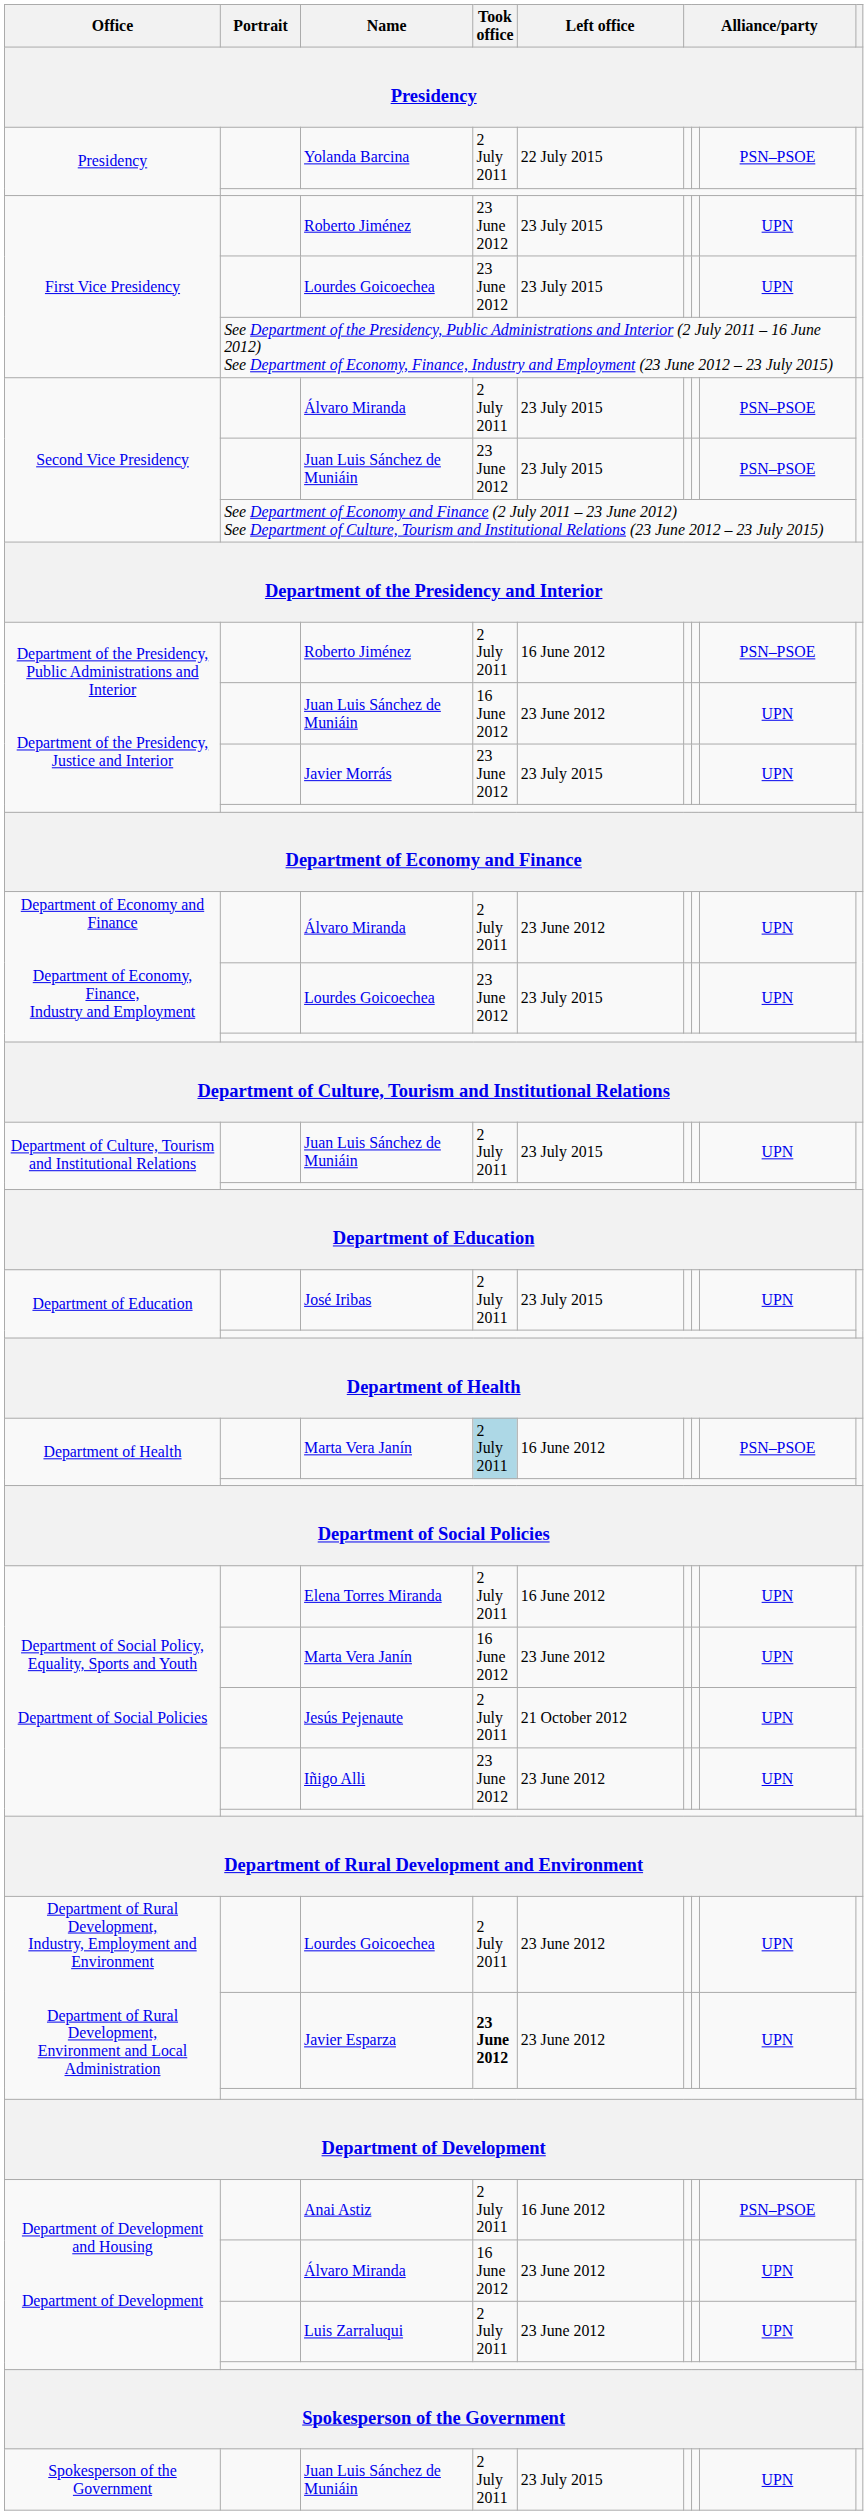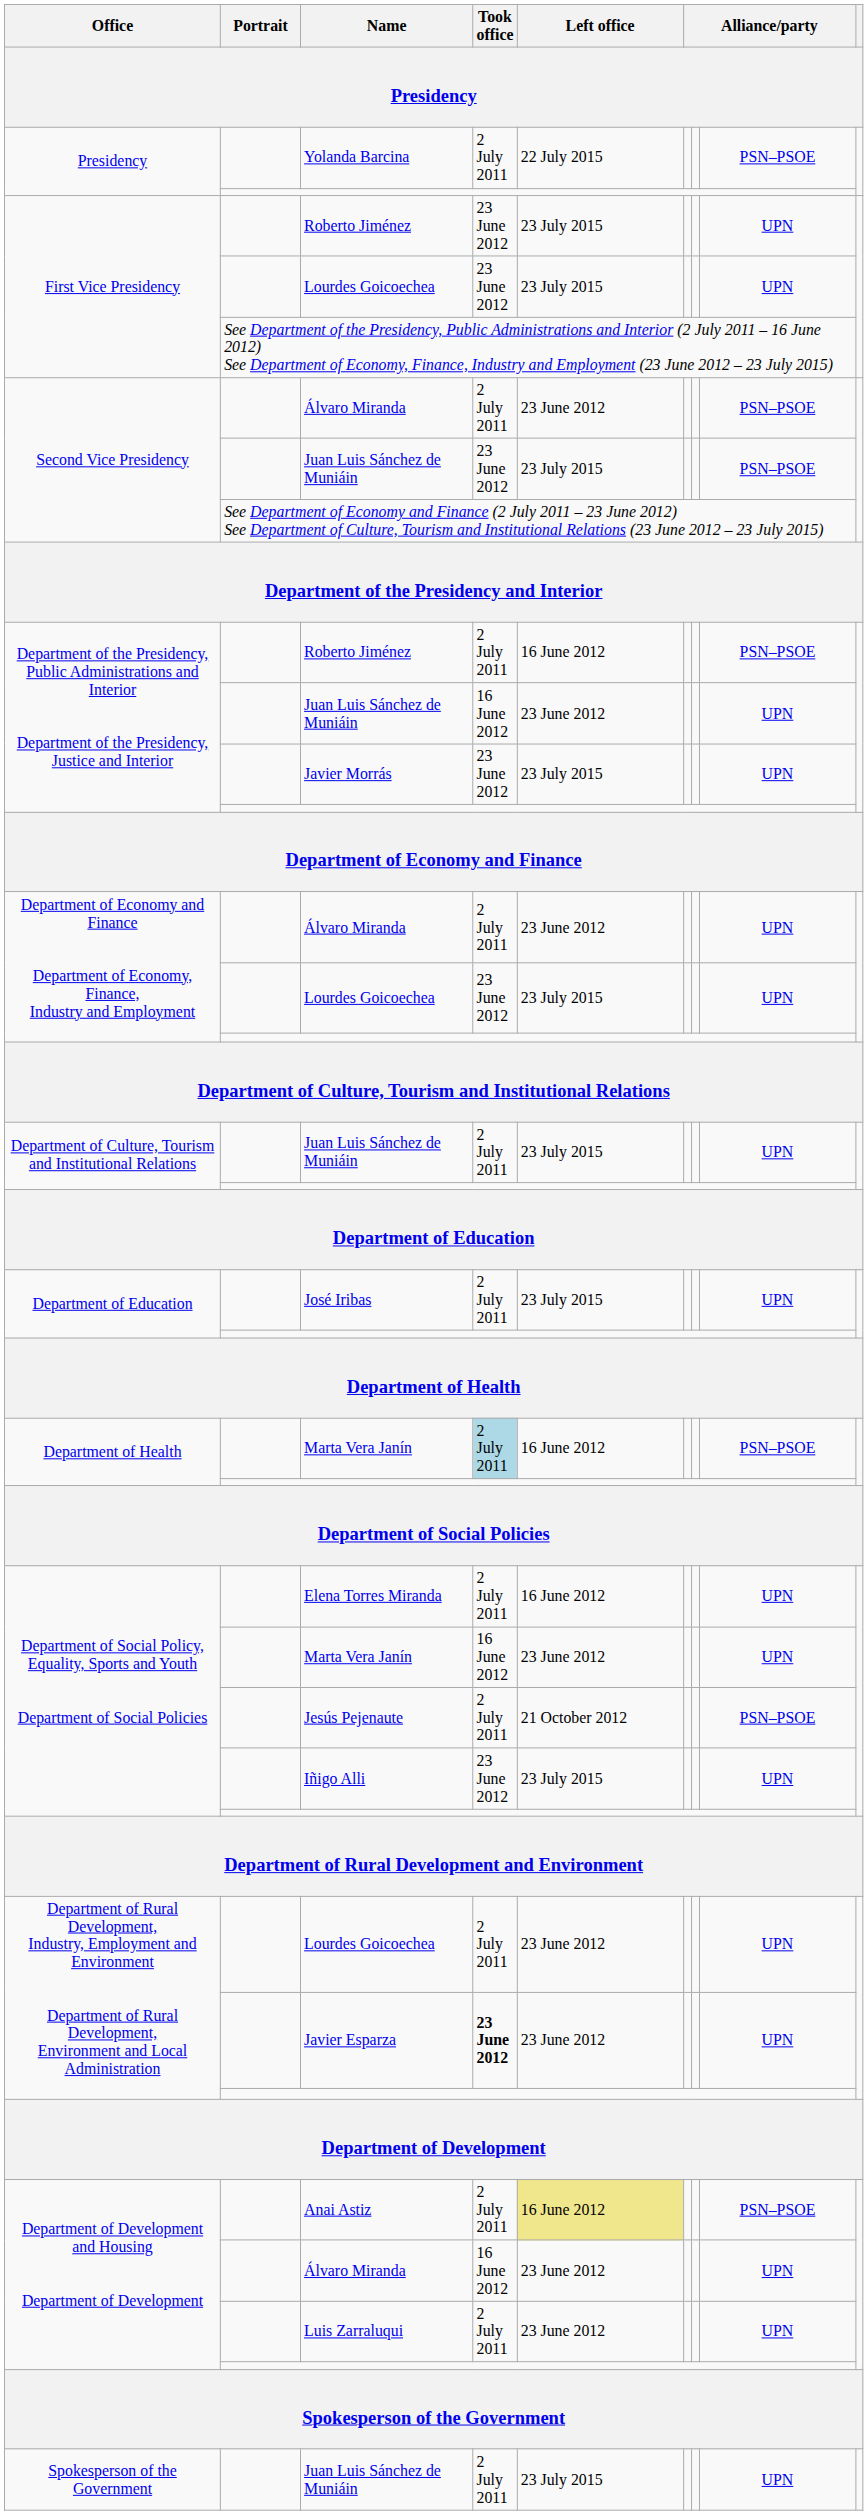 <table class="wikitable" style="line-height:18px;">
 <tr>
 <th scope="col">Office<br></th>
 <th scope="col">Portrait</th>
 <th scope="col">Name</th>
 <th scope="col">Took office</th>
 <th scope="col">Left office</th>
 <th colspan="3" scope="col">Alliance/party</th>
 <th></th>
 </tr>
 <tr>
 <th colspan="9"><br><h3><a href='#'>Presidency</a></h3></th>
 </tr>
 <tr>
 <td align="center" rowspan="2" width="250"><a href='#'>Presidency</a><br></td>
 <td width="80"></td>
 <td width="200"><a href='#'>Yolanda Barcina</a></td>
 <td>2 July 2011</td>
 <td width="200">22 July 2015</td>
 <td width="1" style="color:inherit;background-color:"></td>
 <td width="1" style="background-color:"></td>
 <td align="center"><a href='#'>PSN–PSOE</a></td>
 <td align="center" rowspan="2"></td>
 </tr>
 <tr>
 <td colspan="7"></td>
 </tr>
 <tr>
 <td align="center" rowspan="3"><a href='#'>First Vice Presidency</a><br></td>
 <td></td>
 <td><a href='#'>Roberto Jiménez</a></td>
 <td>23 June 2012</td>
 <td>23 July 2015</td>
 <td style="color:inherit;background-color:"></td>
 <td style="background-color:"></td>
 <td width="175" align="center"><a href='#'>UPN</a></td>
 <td align="center" rowspan="3"></td>
 </tr>
 <tr>
 <td></td>
 <td><a href='#'>Lourdes Goicoechea</a></td>
 <td>23 June 2012</td>
 <td>23 July 2015</td>
 <td style="color:inherit;background-color:"></td>
 <td style="background-color:"></td>
 <td align="center"><a href='#'>UPN</a></td>
 </tr>
 <tr>
 <td colspan="7"><em>See <a href='#'>Department of the Presidency, Public Administrations and Interior</a> (2 July 2011 – 16 June 2012)<br>See <a href='#'>Department of Economy, Finance, Industry and Employment</a> (23 June 2012 – 23 July 2015)</em></td>
 </tr>
 <tr>
 <td align="center" rowspan="3"><a href='#'>Second Vice Presidency</a><br></td>
 <td></td>
 <td><a href='#'>Álvaro Miranda</a></td>
 <td>2 July 2011</td>
-<td>23 July 2015</td>
+<td>23 June 2012</td>
 <td style="color:inherit;background-color:"></td>
 <td style="background-color:"></td>
 <td align="center"><a href='#'>PSN–PSOE</a></td>
 <td align="center" rowspan="3"></td>
 </tr>
 <tr>
 <td></td>
 <td><a href='#'>Juan Luis Sánchez de Muniáin</a></td>
 <td>23 June 2012</td>
 <td>23 July 2015</td>
 <td style="color:inherit;background-color:"></td>
 <td style="background-color:"></td>
 <td align="center"><a href='#'>PSN–PSOE</a></td>
 </tr>
 <tr>
 <td colspan="7"><em>See <a href='#'>Department of Economy and Finance</a> (2 July 2011 – 23 June 2012)<br>See <a href='#'>Department of Culture, Tourism and Institutional Relations</a> (23 June 2012 – 23 July 2015)</em></td>
 </tr>
 <tr>
 <th colspan="9"><br><h3><a href='#'>Department of the Presidency and Interior</a></h3></th>
 </tr>
 <tr>
 <td align="center" rowspan="4"><a href='#'>Department of the Presidency,<br>Public Administrations and Interior</a><br><br><br><a href='#'>Department of the Presidency,<br>Justice and Interior</a><br><br></td>
 <td></td>
 <td><a href='#'>Roberto Jiménez</a></td>
 <td>2 July 2011</td>
 <td>16 June 2012</td>
 <td style="color:inherit;background-color:"></td>
 <td style="background-color:"></td>
 <td align="center"><a href='#'>PSN–PSOE</a></td>
 <td align="center" rowspan="4"></td>
 </tr>
 <tr>
 <td></td>
 <td><a href='#'>Juan Luis Sánchez de Muniáin</a><br></td>
 <td>16 June 2012</td>
 <td>23 June 2012</td>
 <td style="color:inherit;background-color:"></td>
 <td style="background-color:"></td>
 <td align="center"><a href='#'>UPN</a></td>
 </tr>
 <tr>
 <td></td>
 <td><a href='#'>Javier Morrás</a></td>
 <td>23 June 2012</td>
 <td>23 July 2015</td>
 <td style="color:inherit;background-color:"></td>
 <td style="background-color:"></td>
 <td align="center"><a href='#'>UPN</a></td>
 </tr>
 <tr>
 <td colspan="7"></td>
 </tr>
 <tr>
 <th colspan="9"><br><h3><a href='#'>Department of Economy and Finance</a></h3></th>
 </tr>
 <tr>
 <td align="center" rowspan="3"><a href='#'>Department of Economy and Finance</a><br><br><br><a href='#'>Department of Economy, Finance,<br>Industry and Employment</a><br><br></td>
 <td></td>
 <td><a href='#'>Álvaro Miranda</a></td>
 <td>2 July 2011</td>
 <td>23 June 2012</td>
 <td style="color:inherit;background-color:"></td>
 <td style="background-color:"></td>
 <td align="center"><a href='#'>UPN</a></td>
 <td align="center" rowspan="3"></td>
 </tr>
 <tr>
 <td></td>
 <td><a href='#'>Lourdes Goicoechea</a></td>
 <td>23 June 2012</td>
 <td>23 July 2015</td>
 <td style="color:inherit;background-color:"></td>
 <td style="background-color:"></td>
 <td align="center"><a href='#'>UPN</a></td>
 </tr>
 <tr>
 <td colspan="7"></td>
 </tr>
 <tr>
 <th colspan="9"><br><h3><a href='#'>Department of Culture, Tourism and Institutional Relations</a></h3></th>
 </tr>
 <tr>
 <td align="center" rowspan="2"><a href='#'>Department of Culture, Tourism<br>and Institutional Relations</a><br></td>
 <td></td>
 <td><a href='#'>Juan Luis Sánchez de Muniáin</a></td>
 <td>2 July 2011</td>
 <td>23 July 2015</td>
 <td style="color:inherit;background-color:"></td>
 <td style="background-color:"></td>
 <td align="center"><a href='#'>UPN</a></td>
 <td align="center" rowspan="2"></td>
 </tr>
 <tr>
 <td colspan="7"></td>
 </tr>
 <tr>
 <th colspan="9"><br><h3><a href='#'>Department of Education</a></h3></th>
 </tr>
 <tr>
 <td align="center" rowspan="2"><a href='#'>Department of Education</a><br></td>
 <td></td>
 <td><a href='#'>José Iribas</a></td>
 <td>2 July 2011</td>
 <td>23 July 2015</td>
 <td style="color:inherit;background-color:"></td>
 <td style="background-color:"></td>
 <td align="center"><a href='#'>UPN</a></td>
 <td align="center" rowspan="2"></td>
 </tr>
 <tr>
 <td colspan="7"></td>
 </tr>
 <tr>
 <th colspan="9"><br><h3><a href='#'>Department of Health</a></h3></th>
 </tr>
 <tr>
 <td align="center" rowspan="2"><a href='#'>Department of Health</a><br></td>
 <td></td>
 <td><a href='#'>Marta Vera Janín</a></td>
 <td style="background: lightblue;">2 July 2011</td>
 <td>16 June 2012</td>
 <td style="color:inherit;background-color:"></td>
 <td style="background-color:"></td>
 <td align="center"><a href='#'>PSN–PSOE</a></td>
 <td align="center" rowspan="2"></td>
 </tr>
 <tr>
 <td colspan="7"></td>
 </tr>
 <tr>
 <th colspan="9"><br><h3><a href='#'>Department of Social Policies</a></h3></th>
 </tr>
 <tr>
 <td align="center" rowspan="5"><a href='#'>Department of Social Policy,<br>Equality, Sports and Youth</a><br><br><br><a href='#'>Department of Social Policies</a><br><br></td>
 <td></td>
 <td><a href='#'>Elena Torres Miranda</a></td>
 <td>2 July 2011</td>
 <td>16 June 2012<br></td>
 <td style="color:inherit;background-color:"></td>
 <td style="background-color:"></td>
 <td align="center"><a href='#'>UPN</a></td>
 <td align="center" rowspan="5"></td>
 </tr>
 <tr>
 <td></td>
 <td><a href='#'>Marta Vera Janín</a><br></td>
 <td>16 June 2012</td>
 <td>23 June 2012</td>
 <td style="color:inherit;background-color:"></td>
 <td style="background-color:"></td>
 <td align="center"><a href='#'>UPN</a><br></td>
 </tr>
 <tr>
 <td></td>
 <td><a href='#'>Jesús Pejenaute</a></td>
 <td>2 July 2011</td>
 <td>21 October 2012<br></td>
 <td style="color:inherit;background-color:"></td>
 <td style="background-color:"></td>
-<td align="center"><a href='#'>UPN</a></td>
+<td align="center"><a href='#'>PSN–PSOE</a></td>
 </tr>
 <tr>
 <td></td>
 <td><a href='#'>Iñigo Alli</a></td>
 <td>23 June 2012</td>
-<td>23 June 2012</td>
+<td>23 July 2015</td>
 <td style="color:inherit;background-color:"></td>
 <td style="background-color:"></td>
 <td align="center"><a href='#'>UPN</a></td>
 </tr>
 <tr>
 <td colspan="7"></td>
 </tr>
 <tr>
 <th colspan="9"><br><h3><a href='#'>Department of Rural Development and Environment</a></h3></th>
 </tr>
 <tr>
 <td align="center" rowspan="3"><a href='#'>Department of Rural Development,<br>Industry, Employment and Environment</a><br><br><br><a href='#'>Department of Rural Development,<br>Environment and Local Administration</a><br><br></td>
 <td></td>
 <td><a href='#'>Lourdes Goicoechea</a></td>
 <td>2 July 2011</td>
 <td>23 June 2012</td>
 <td style="color:inherit;background-color:"></td>
 <td style="background-color:"></td>
 <td align="center"><a href='#'>UPN</a></td>
 <td align="center" rowspan="3"></td>
 </tr>
 <tr>
 <td></td>
 <td><a href='#'>Javier Esparza</a></td>
 <td><strong>23 June 2012</strong></td>
 <td>23 June 2012</td>
 <td style="color:inherit;background-color:"></td>
 <td style="background-color:"></td>
 <td align="center"><a href='#'>UPN</a></td>
 </tr>
 <tr>
 <td colspan="7"></td>
 </tr>
 <tr>
 <th colspan="9"><br><h3><a href='#'>Department of Development</a></h3></th>
 </tr>
 <tr>
 <td align="center" rowspan="4"><a href='#'>Department of Development<br>and Housing</a><br><br><br><a href='#'>Department of Development</a><br><br></td>
 <td></td>
 <td><a href='#'>Anai Astiz</a></td>
 <td>2 July 2011</td>
-<td>16 June 2012<br></td>
+<td style="background: khaki;">16 June 2012<br></td>
 <td style="color:inherit;background-color:"></td>
 <td style="background-color:"></td>
 <td align="center"><a href='#'>PSN–PSOE</a></td>
 <td align="center" rowspan="4"></td>
 </tr>
 <tr>
 <td></td>
 <td><a href='#'>Álvaro Miranda</a><br></td>
 <td>16 June 2012</td>
 <td>23 June 2012</td>
 <td style="color:inherit;background-color:"></td>
 <td style="background-color:"></td>
 <td align="center"><a href='#'>UPN</a></td>
 </tr>
 <tr>
 <td></td>
 <td><a href='#'>Luis Zarraluqui</a></td>
 <td>2 July 2011</td>
 <td>23 June 2012</td>
 <td style="color:inherit;background-color:"></td>
 <td style="background-color:"></td>
 <td align="center"><a href='#'>UPN</a><br></td>
 </tr>
 <tr>
 <td colspan="7"></td>
 </tr>
 <tr>
 <th colspan="9"><br><h3><a href='#'>Spokesperson of the Government</a></h3></th>
 </tr>
 <tr>
 <td align="center"><a href='#'>Spokesperson of the Government</a><br></td>
 <td></td>
 <td><a href='#'>Juan Luis Sánchez de Muniáin</a></td>
 <td>2 July 2011</td>
 <td>23 July 2015</td>
 <td style="color:inherit;background-color:"></td>
 <td style="background-color:"></td>
 <td align="center"><a href='#'>UPN</a></td>
 <td align="center"></td>
 </tr>
 </table>
